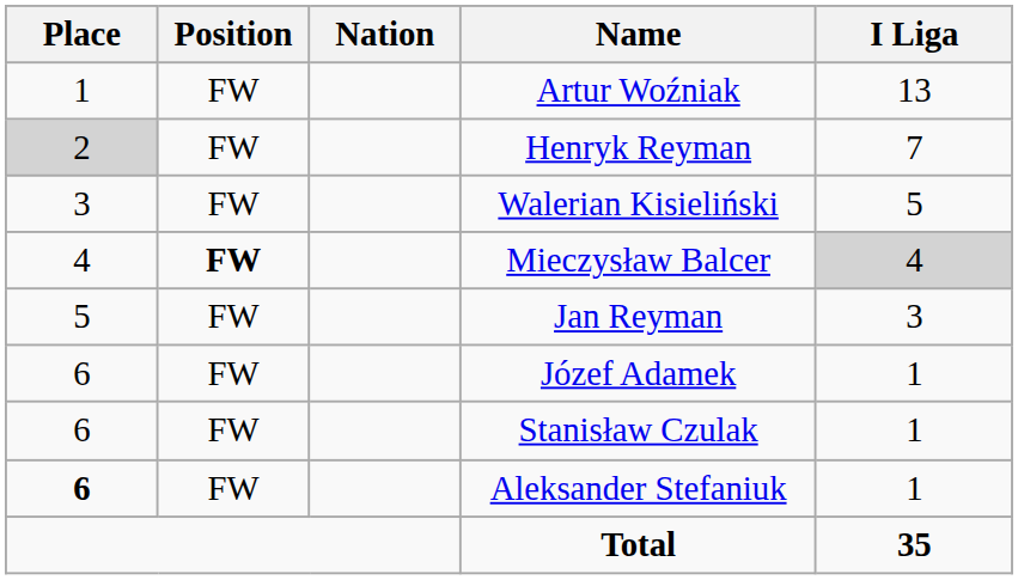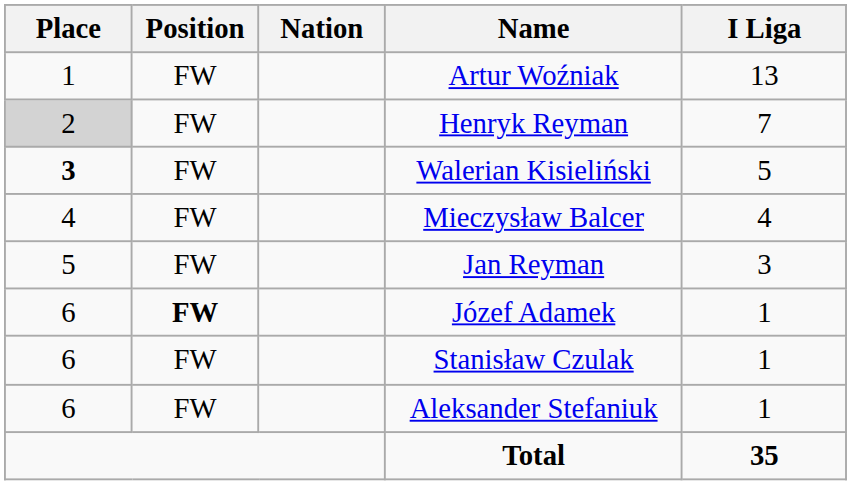 <table class="wikitable" style="font-size: 95%; text-align: center;">
 <tr>
 <th width=60>Place</th>
 <th width=60>Position</th>
 <th width=60>Nation</th>
 <th width=150>Name</th>
 <th width=80>I Liga</th>
 </tr>
 <tr>
 <td>1</td>
 <td>FW</td>
 <td></td>
 <td><a href='#'>Artur Woźniak</a></td>
 <td>13</td>
 </tr>
 <tr>
 <td style="background: lightgrey;">2</td>
 <td>FW</td>
 <td></td>
 <td><a href='#'>Henryk Reyman</a></td>
 <td>7</td>
 </tr>
 <tr>
-<td>3</td>
+<td><strong>3</strong></td>
 <td>FW</td>
 <td></td>
 <td><a href='#'>Walerian Kisieliński</a></td>
 <td>5</td>
 </tr>
 <tr>
 <td>4</td>
-<td><strong>FW</strong></td>
+<td>FW</td>
 <td></td>
 <td><a href='#'>Mieczysław Balcer</a></td>
-<td style="background: lightgrey;">4</td>
+<td>4</td>
 </tr>
 <tr>
 <td>5</td>
 <td>FW</td>
 <td></td>
 <td><a href='#'>Jan Reyman</a></td>
 <td>3</td>
 </tr>
 <tr>
 <td>6</td>
-<td>FW</td>
+<td><strong>FW</strong></td>
 <td></td>
 <td><a href='#'>Józef Adamek</a></td>
 <td>1</td>
 </tr>
 <tr>
 <td>6</td>
 <td>FW</td>
 <td></td>
 <td><a href='#'>Stanisław Czulak</a></td>
 <td>1</td>
 </tr>
 <tr>
-<td><strong>6</strong></td>
+<td>6</td>
 <td>FW</td>
 <td></td>
 <td><a href='#'>Aleksander Stefaniuk</a></td>
 <td>1</td>
 </tr>
 <tr>
 <td colspan="3"></td>
 <td><strong>Total</strong></td>
 <td><strong>35</strong></td>
 </tr>
 </table>
